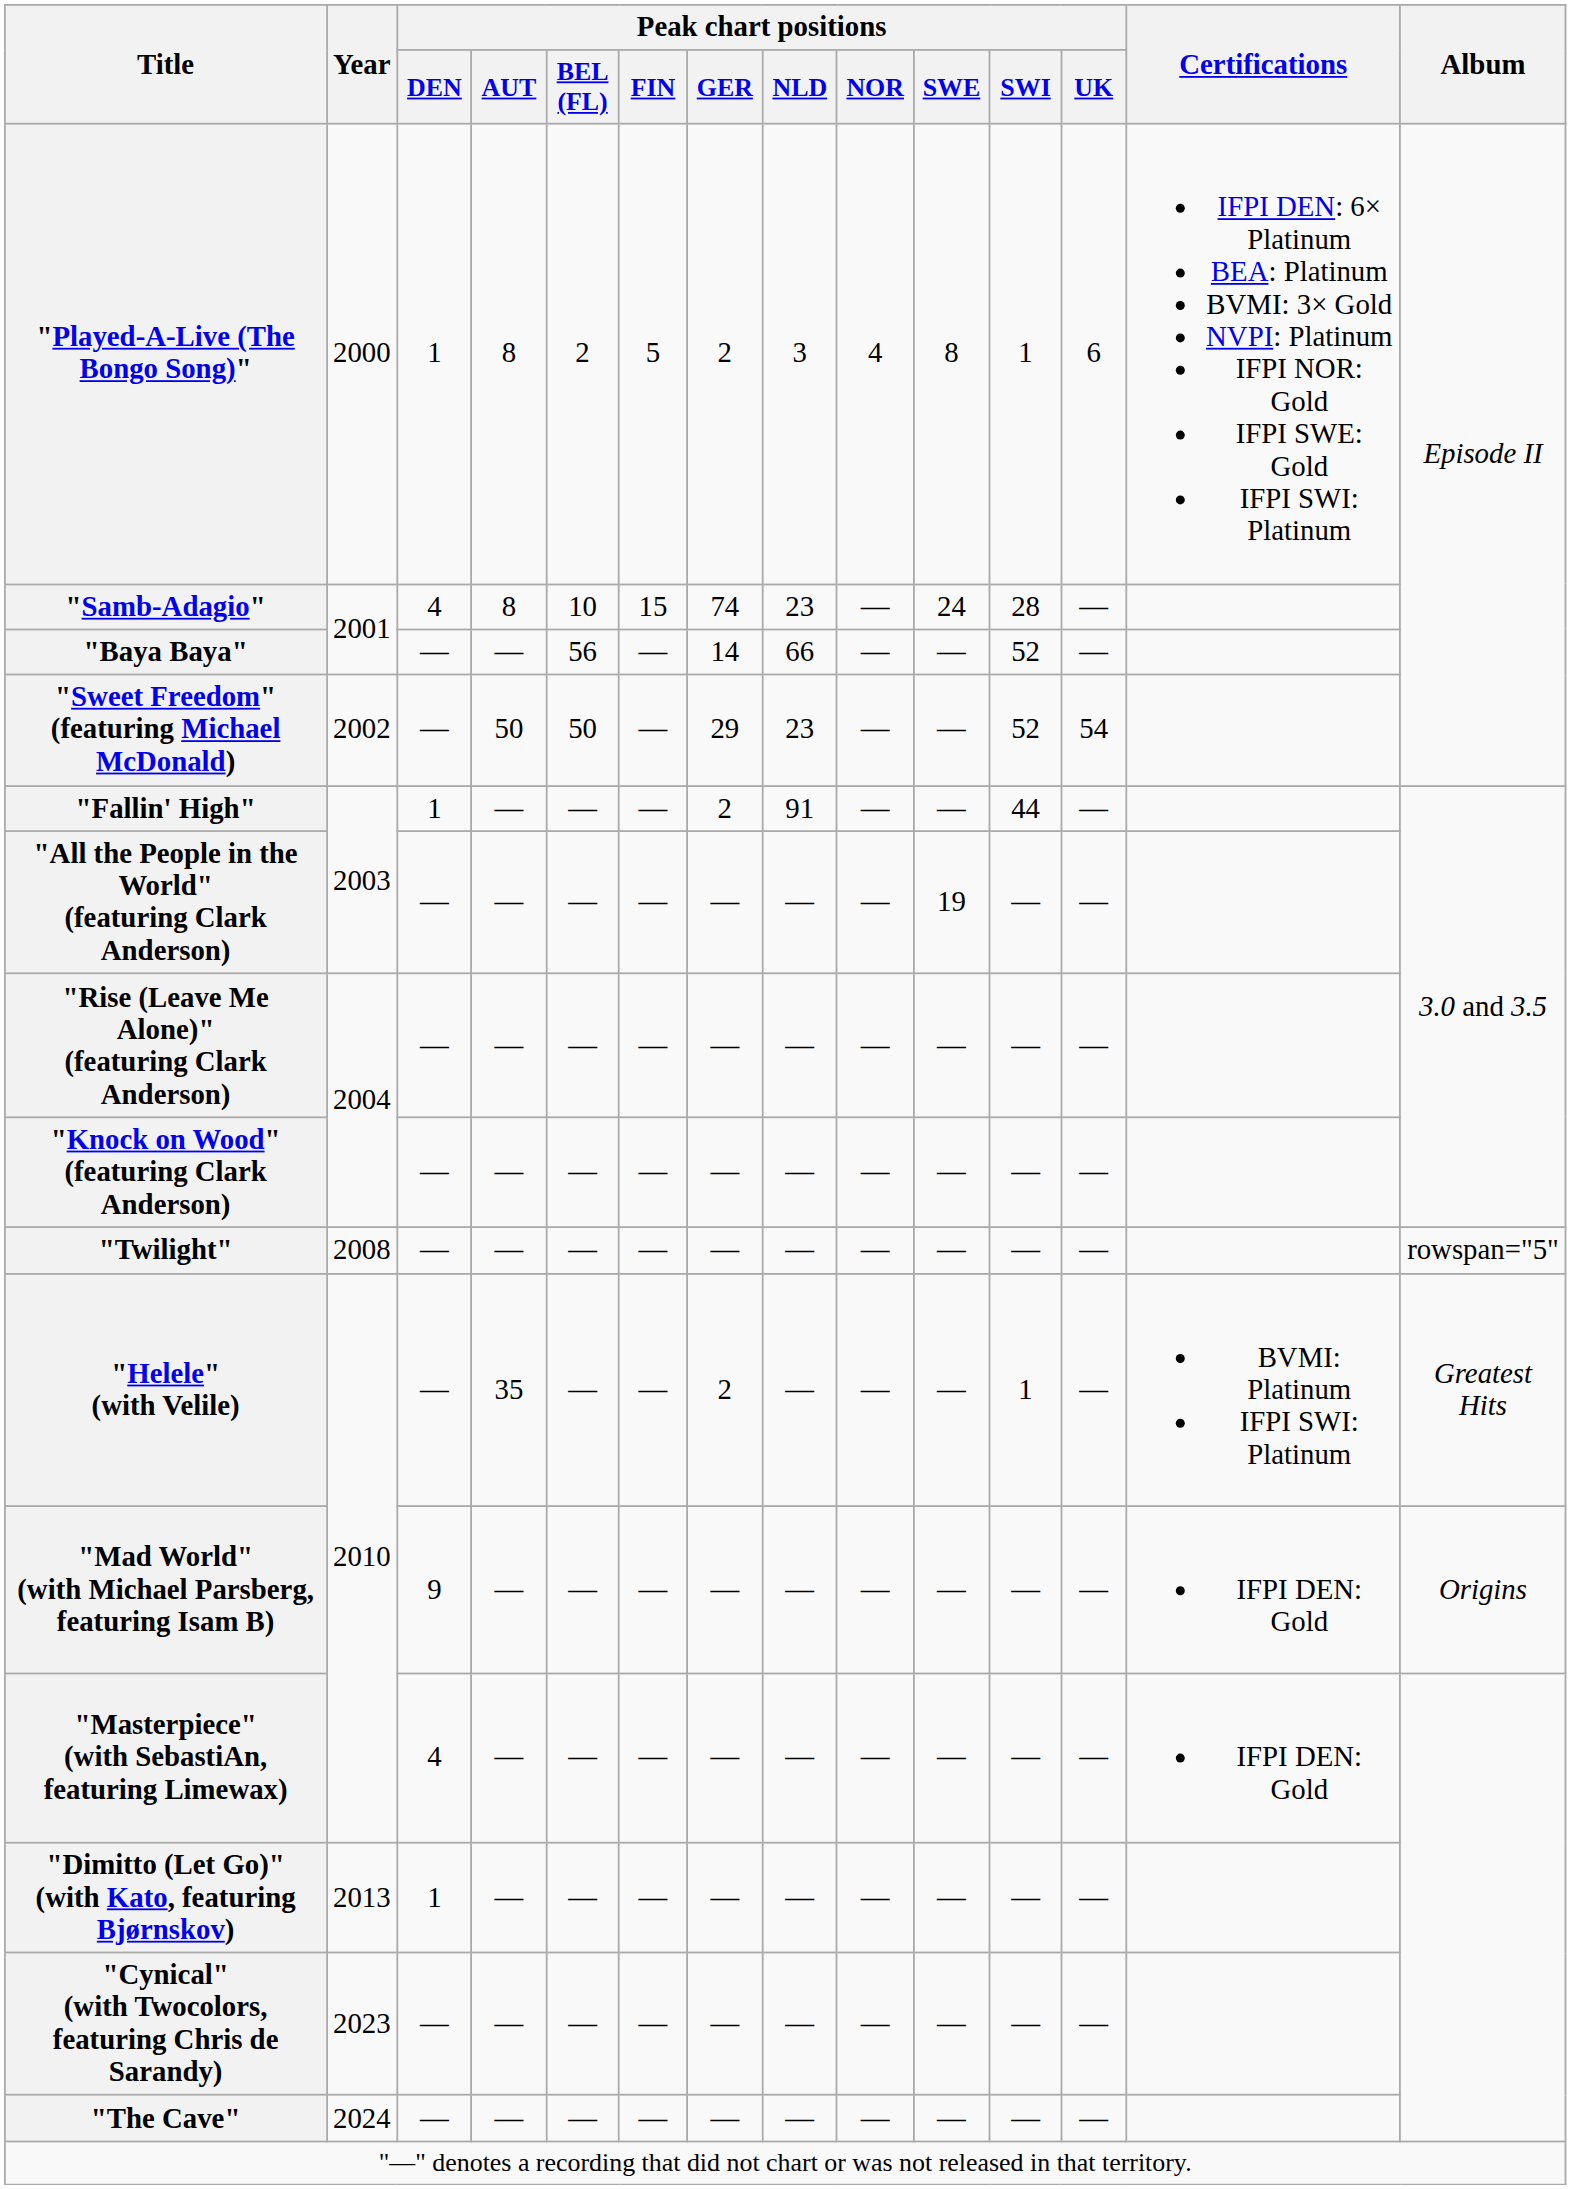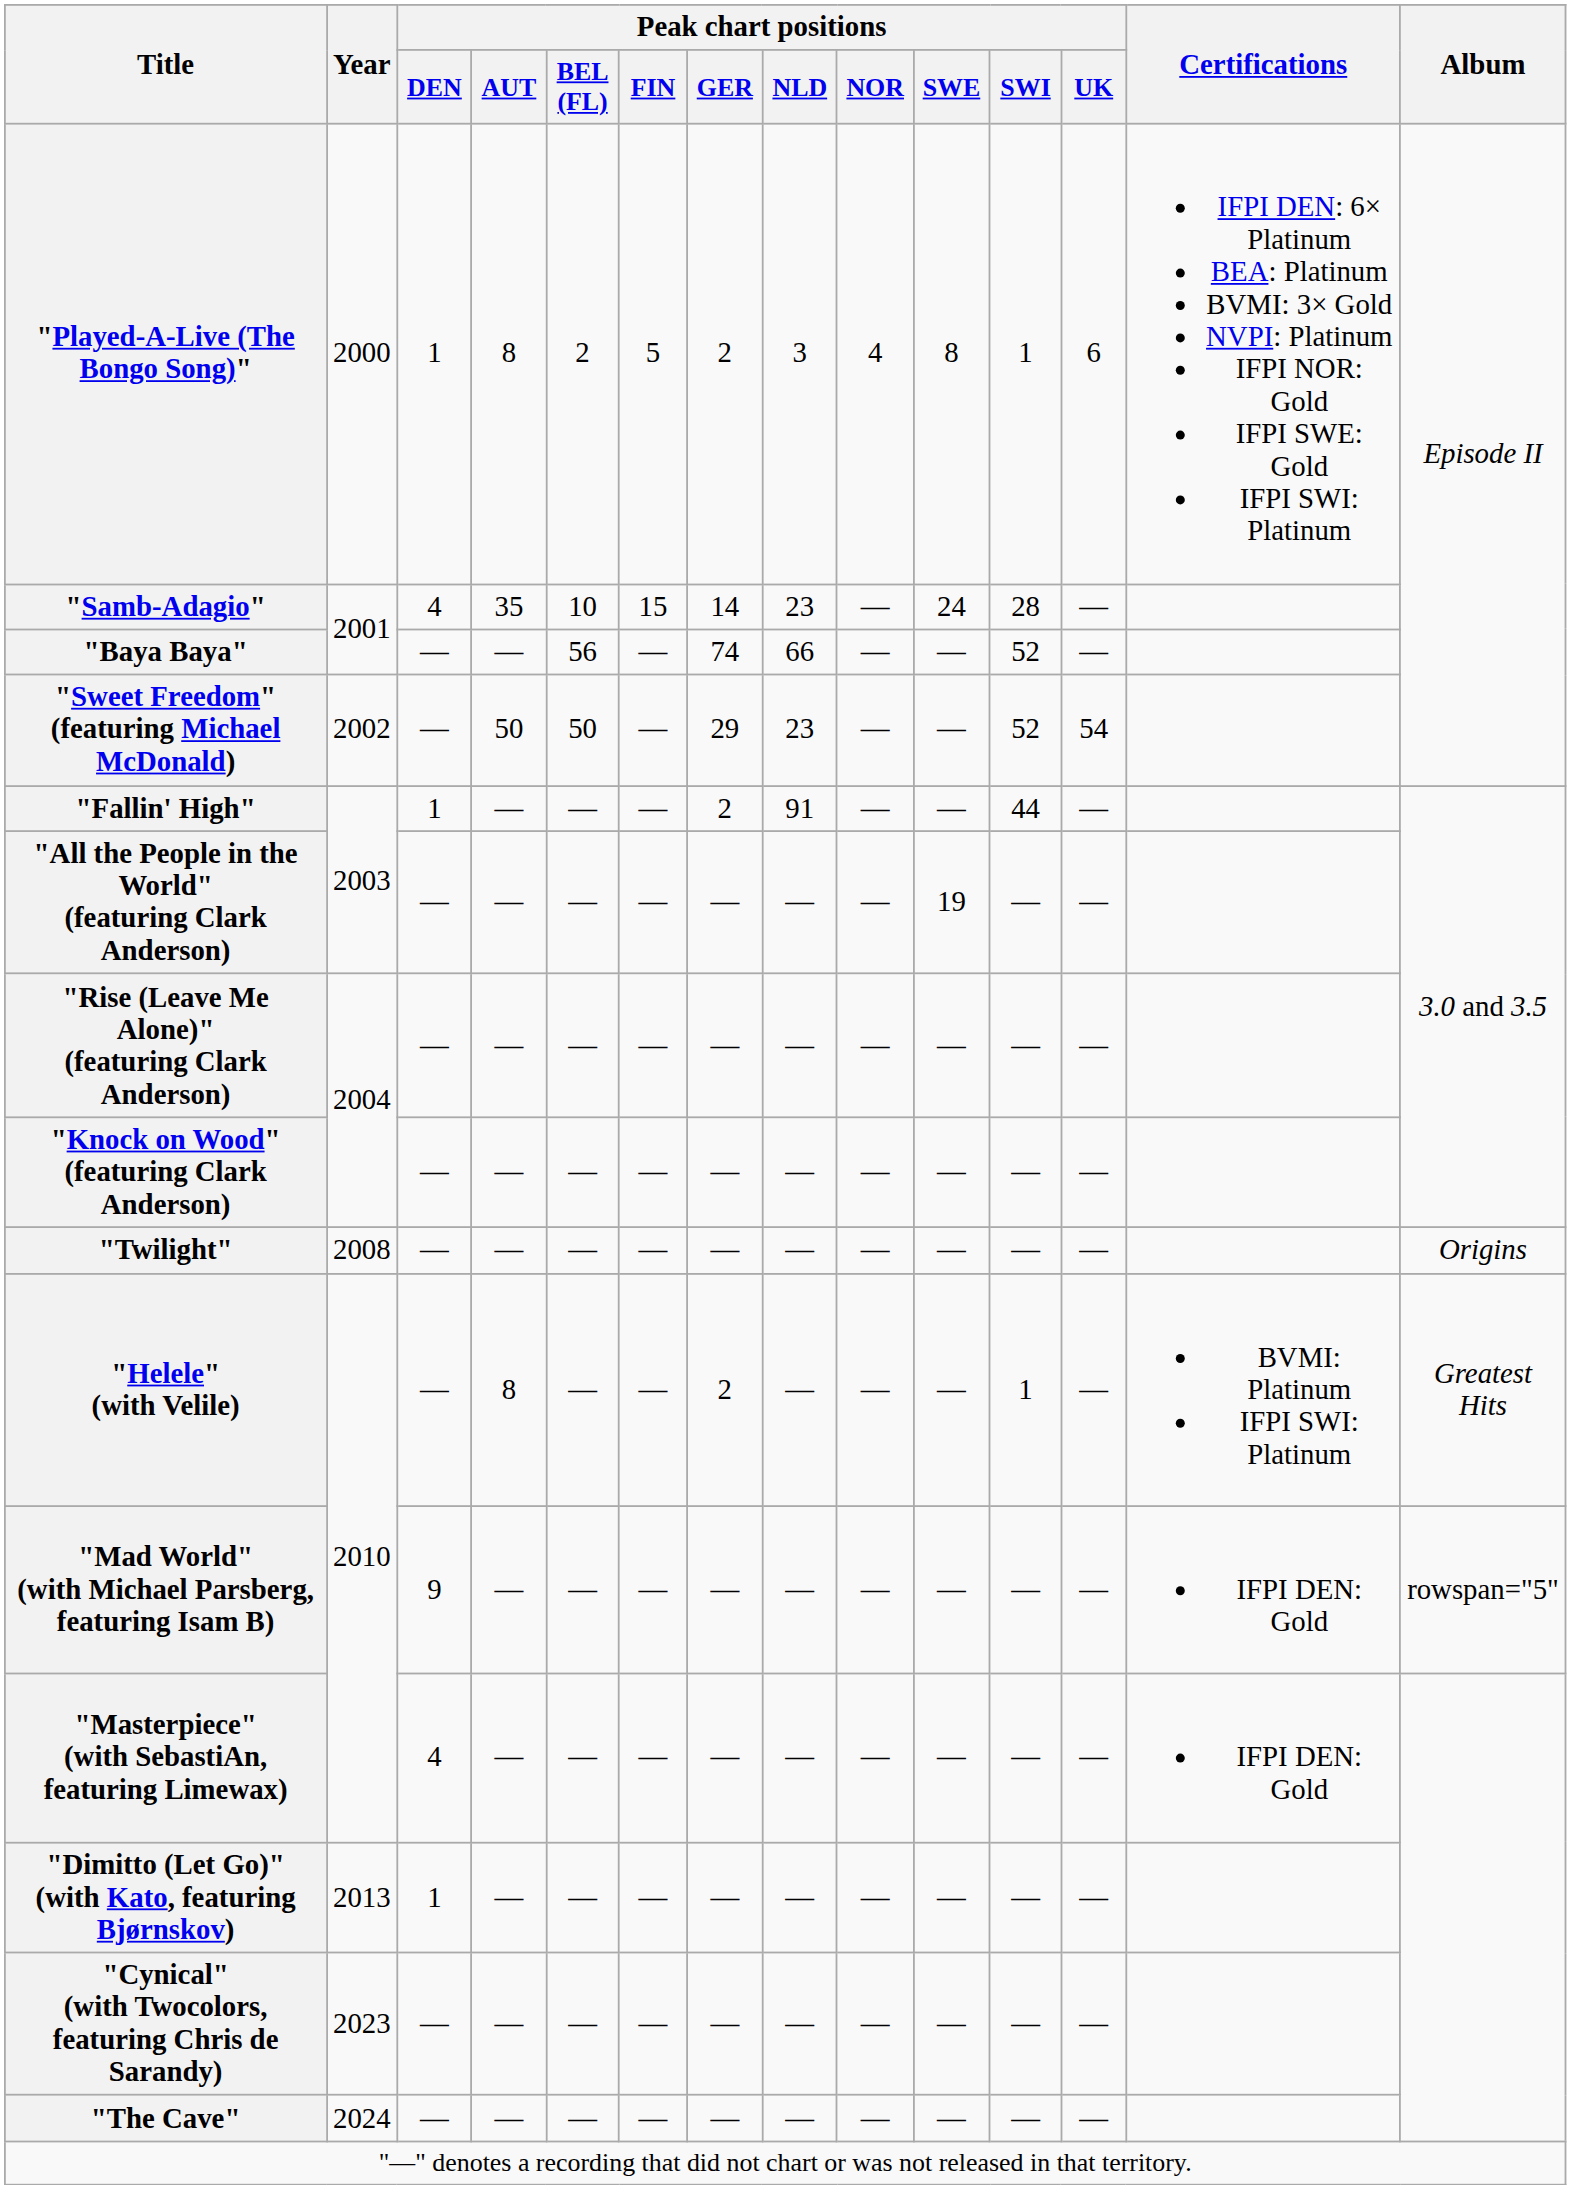 <table class="wikitable plainrowheaders" style="text-align:center;">
 <tr>
 <th scope="col" rowspan="2" style="width:18em;">Title</th>
 <th scope="col" rowspan="2">Year</th>
 <th scope="col" colspan="10">Peak chart positions</th>
 <th scope="col" rowspan="2" style="width:14em;"><a href='#'>Certifications</a></th>
 <th scope="col" rowspan="2">Album</th>
 </tr>
 <tr>
 <th scope="col" style="width:2.9em;font-size:90%;"><a href='#'>DEN</a><br></th>
 <th scope="col" style="width:2.9em;font-size:90%;"><a href='#'>AUT</a><br></th>
 <th scope="col" style="width:2.9em;font-size:90%;"><a href='#'>BEL<br>(FL)</a><br></th>
 <th scope="col" style="width:2.9em;font-size:90%;"><a href='#'>FIN</a><br></th>
 <th scope="col" style="width:2.9em;font-size:90%;"><a href='#'>GER</a><br></th>
 <th scope="col" style="width:2.9em;font-size:90%;"><a href='#'>NLD</a><br></th>
 <th scope="col" style="width:2.9em;font-size:90%;"><a href='#'>NOR</a><br></th>
 <th scope="col" style="width:2.9em;font-size:90%;"><a href='#'>SWE</a><br></th>
 <th scope="col" style="width:2.9em;font-size:90%;"><a href='#'>SWI</a><br></th>
 <th scope="col" style="width:2.9em;font-size:90%;"><a href='#'>UK</a><br></th>
 </tr>
 <tr>
 <th scope="row">"<a href='#'>Played-A-Live (The Bongo Song)</a>"</th>
 <td>2000</td>
 <td>1</td>
 <td>8</td>
 <td>2</td>
 <td>5</td>
 <td>2</td>
 <td>3</td>
 <td>4</td>
 <td>8</td>
 <td>1</td>
 <td>6</td>
 <td><br><ul><li><a href='#'>IFPI DEN</a>: 6× Platinum</li><li><a href='#'>BEA</a>: Platinum</li><li>BVMI: 3× Gold</li><li><a href='#'>NVPI</a>: Platinum</li><li>IFPI NOR: Gold</li><li>IFPI SWE: Gold</li><li>IFPI SWI: Platinum</li></ul></td>
 <td rowspan="4"><em>Episode II</em></td>
 </tr>
 <tr>
 <th scope="row">"<a href='#'>Samb-Adagio</a>"</th>
 <td rowspan="2">2001</td>
 <td>4</td>
-<td>8</td>
+<td>35</td>
 <td>10</td>
 <td>15</td>
-<td>74</td>
+<td>14</td>
 <td>23</td>
 <td>—</td>
 <td>24</td>
 <td>28</td>
 <td>—</td>
 <td></td>
 </tr>
 <tr>
 <th scope="row">"Baya Baya"</th>
 <td>—</td>
 <td>—</td>
 <td>56</td>
 <td>—</td>
-<td>14</td>
+<td>74</td>
 <td>66</td>
 <td>—</td>
 <td>—</td>
 <td>52</td>
 <td>—</td>
 <td></td>
 </tr>
 <tr>
 <th scope="row">"<a href='#'>Sweet Freedom</a>"<br><span>(featuring <a href='#'>Michael McDonald</a>)</span></th>
 <td>2002</td>
 <td>—</td>
 <td>50</td>
 <td>50</td>
 <td>—</td>
 <td>29</td>
 <td>23</td>
 <td>—</td>
 <td>—</td>
 <td>52</td>
 <td>54</td>
 <td></td>
 </tr>
 <tr>
 <th scope="row">"Fallin' High"</th>
 <td rowspan="2">2003</td>
 <td>1</td>
 <td>—</td>
 <td>—</td>
 <td>—</td>
 <td>2</td>
 <td>91</td>
 <td>—</td>
 <td>—</td>
 <td>44</td>
 <td>—</td>
 <td></td>
 <td rowspan="4"><em>3.0</em> and <em>3.5</em></td>
 </tr>
 <tr>
 <th scope="row">"All the People in the World"<br><span>(featuring Clark Anderson)</span></th>
 <td>—</td>
 <td>—</td>
 <td>—</td>
 <td>—</td>
 <td>—</td>
 <td>—</td>
 <td>—</td>
 <td>19</td>
 <td>—</td>
 <td>—</td>
 <td></td>
 </tr>
 <tr>
 <th scope="row">"Rise (Leave Me Alone)"<br><span>(featuring Clark Anderson)</span></th>
 <td rowspan="2">2004</td>
 <td>—</td>
 <td>—</td>
 <td>—</td>
 <td>—</td>
 <td>—</td>
 <td>—</td>
 <td>—</td>
 <td>—</td>
 <td>—</td>
 <td>—</td>
 <td></td>
 </tr>
 <tr>
 <th scope="row">"<a href='#'>Knock on Wood</a>"<br><span>(featuring Clark Anderson)</span></th>
 <td>—</td>
 <td>—</td>
 <td>—</td>
 <td>—</td>
 <td>—</td>
 <td>—</td>
 <td>—</td>
 <td>—</td>
 <td>—</td>
 <td>—</td>
 <td></td>
 </tr>
 <tr>
 <th scope="row">"Twilight"</th>
 <td>2008</td>
 <td>—</td>
 <td>—</td>
 <td>—</td>
 <td>—</td>
 <td>—</td>
 <td>—</td>
 <td>—</td>
 <td>—</td>
 <td>—</td>
 <td>—</td>
 <td></td>
-<td>rowspan="5" </td>
+<td><em>Origins</em></td>
 </tr>
 <tr>
 <th scope="row">"<a href='#'>Helele</a>"<br><span>(with Velile)</span></th>
 <td rowspan="3">2010</td>
 <td>—</td>
-<td>35</td>
+<td>8</td>
 <td>—</td>
 <td>—</td>
 <td>2</td>
 <td>—</td>
 <td>—</td>
 <td>—</td>
 <td>1</td>
 <td>—</td>
 <td><br><ul><li>BVMI: Platinum</li><li>IFPI SWI: Platinum</li></ul></td>
 <td><em>Greatest Hits</em></td>
 </tr>
 <tr>
 <th scope="row">"Mad World"<br><span>(with Michael Parsberg, featuring Isam B)</span></th>
 <td>9</td>
 <td>—</td>
 <td>—</td>
 <td>—</td>
 <td>—</td>
 <td>—</td>
 <td>—</td>
 <td>—</td>
 <td>—</td>
 <td>—</td>
 <td><br><ul><li>IFPI DEN: Gold</li></ul></td>
-<td><em>Origins</em></td>
+<td>rowspan="5" </td>
 </tr>
 <tr>
 <th scope="row">"Masterpiece"<br><span>(with SebastiAn, featuring Limewax)</span></th>
 <td>4</td>
 <td>—</td>
 <td>—</td>
 <td>—</td>
 <td>—</td>
 <td>—</td>
 <td>—</td>
 <td>—</td>
 <td>—</td>
 <td>—</td>
 <td><br><ul><li>IFPI DEN: Gold</li></ul></td>
 </tr>
 <tr>
 <th scope="row">"Dimitto (Let Go)"<br><span>(with <a href='#'>Kato</a>, featuring <a href='#'>Bjørnskov</a>)</span></th>
 <td>2013</td>
 <td>1</td>
 <td>—</td>
 <td>—</td>
 <td>—</td>
 <td>—</td>
 <td>—</td>
 <td>—</td>
 <td>—</td>
 <td>—</td>
 <td>—</td>
 <td></td>
 </tr>
 <tr>
 <th scope="row">"Cynical"<br><span>(with Twocolors, featuring Chris de Sarandy)</span></th>
 <td>2023</td>
 <td>—</td>
 <td>—</td>
 <td>—</td>
 <td>—</td>
 <td>—</td>
 <td>—</td>
 <td>—</td>
 <td>—</td>
 <td>—</td>
 <td>—</td>
 <td></td>
 </tr>
 <tr>
 <th scope="row">"The Cave"</th>
 <td>2024</td>
 <td>—</td>
 <td>—</td>
 <td>—</td>
 <td>—</td>
 <td>—</td>
 <td>—</td>
 <td>—</td>
 <td>—</td>
 <td>—</td>
 <td>—</td>
 <td></td>
 </tr>
 <tr>
 <td colspan="14" style="font-size:90%">"—" denotes a recording that did not chart or was not released in that territory.</td>
 </tr>
 </table>
